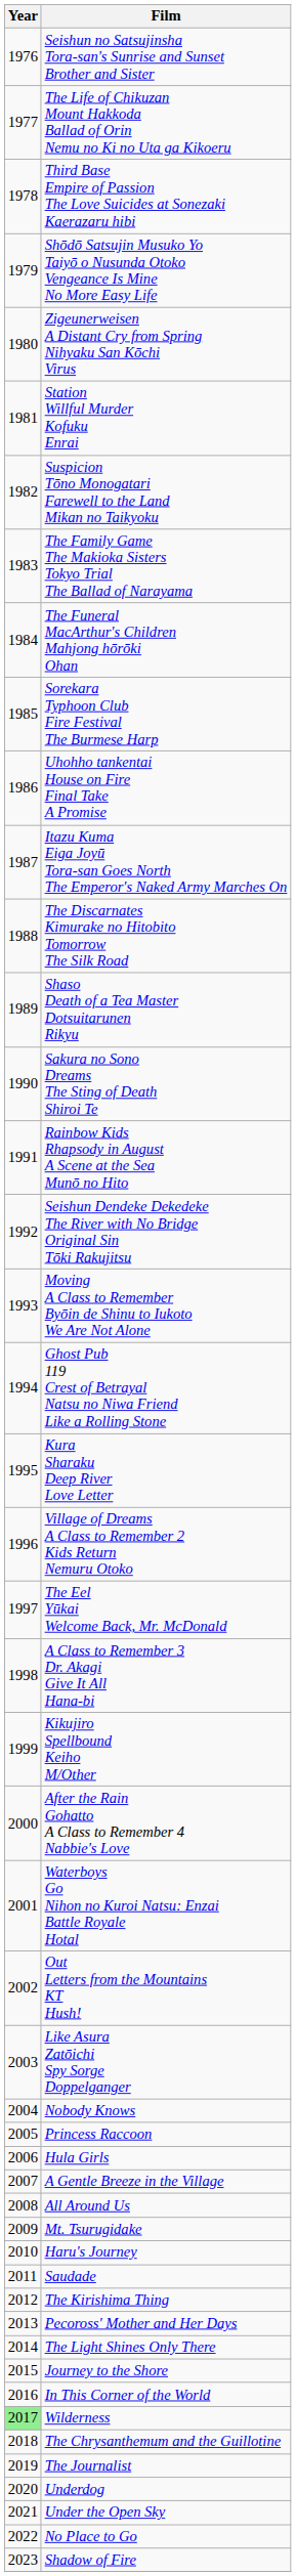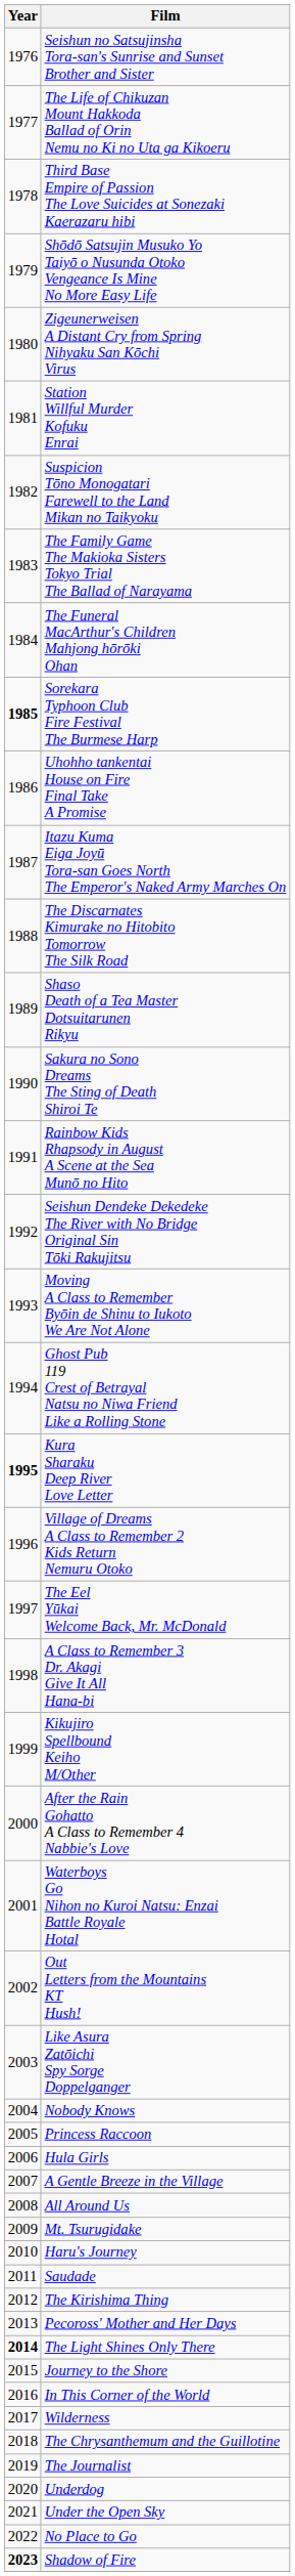 <table class="wikitable sortable">
 <tr>
 <th>Year</th>
 <th>Film</th>
 </tr>
 <tr>
 <td>1976</td>
 <td><em><a href='#'>Seishun no Satsujinsha</a></em><br><em><a href='#'>Tora-san's Sunrise and Sunset</a></em><br><em><a href='#'>Brother and Sister</a></em></td>
 </tr>
 <tr>
 <td>1977</td>
 <td><em><a href='#'>The Life of Chikuzan</a></em><br><em><a href='#'>Mount Hakkoda</a></em><br><em><a href='#'>Ballad of Orin</a></em><br><em><a href='#'>Nemu no Ki no Uta ga Kikoeru</a></em></td>
 </tr>
 <tr>
 <td>1978</td>
 <td><em><a href='#'>Third Base</a></em><br><em><a href='#'>Empire of Passion</a></em><br><em><a href='#'>The Love Suicides at Sonezaki</a></em><br><em><a href='#'>Kaerazaru hibi</a></em></td>
 </tr>
 <tr>
 <td>1979</td>
 <td><em><a href='#'>Shōdō Satsujin Musuko Yo</a></em><br><em><a href='#'>Taiyō o Nusunda Otoko</a></em><br><em><a href='#'>Vengeance Is Mine</a></em><br><em><a href='#'>No More Easy Life</a></em></td>
 </tr>
 <tr>
 <td>1980</td>
 <td><em><a href='#'>Zigeunerweisen</a></em><br><em><a href='#'>A Distant Cry from Spring</a></em><br><em><a href='#'>Nihyaku San Kōchi</a></em><br><em><a href='#'>Virus</a></em></td>
 </tr>
 <tr>
 <td>1981</td>
 <td><em><a href='#'>Station</a></em><br><em><a href='#'>Willful Murder</a></em><br><em><a href='#'>Kofuku</a></em><br><em><a href='#'>Enrai</a></em></td>
 </tr>
 <tr>
 <td>1982</td>
 <td><em><a href='#'>Suspicion</a></em><br><em><a href='#'>Tōno Monogatari</a></em><br><em><a href='#'>Farewell to the Land</a></em><br><em><a href='#'>Mikan no Taikyoku</a></em></td>
 </tr>
 <tr>
 <td>1983</td>
 <td><em><a href='#'>The Family Game</a></em><br><em><a href='#'>The Makioka Sisters</a></em><br><em><a href='#'>Tokyo Trial</a></em><br><em><a href='#'>The Ballad of Narayama</a></em></td>
 </tr>
 <tr>
 <td>1984</td>
 <td><em><a href='#'>The Funeral</a></em><br><em><a href='#'>MacArthur's Children</a></em><br><em><a href='#'>Mahjong hōrōki</a></em><br><em><a href='#'>Ohan</a></em></td>
 </tr>
 <tr>
-<td>1985</td>
+<td><strong>1985</strong></td>
 <td><em><a href='#'>Sorekara</a></em><br><em><a href='#'>Typhoon Club</a></em><br><em><a href='#'>Fire Festival</a></em><br><em><a href='#'>The Burmese Harp</a></em></td>
 </tr>
 <tr>
 <td>1986</td>
 <td><em><a href='#'>Uhohho tankentai</a></em><br><em><a href='#'>House on Fire</a></em><br><em><a href='#'>Final Take</a></em><br><em><a href='#'>A Promise</a></em></td>
 </tr>
 <tr>
 <td>1987</td>
 <td><em><a href='#'>Itazu Kuma</a></em><br><em><a href='#'>Eiga Joyū</a></em><br><em><a href='#'>Tora-san Goes North</a></em><br><em><a href='#'>The Emperor's Naked Army Marches On</a></em></td>
 </tr>
 <tr>
 <td>1988</td>
 <td><em><a href='#'>The Discarnates</a></em><br><em><a href='#'>Kimurake no Hitobito</a></em><br><em><a href='#'>Tomorrow</a></em><br><em><a href='#'>The Silk Road</a></em></td>
 </tr>
 <tr>
 <td>1989</td>
 <td><em><a href='#'>Shaso</a></em><br><em><a href='#'>Death of a Tea Master</a></em><br><em><a href='#'>Dotsuitarunen</a></em><br><em><a href='#'>Rikyu</a></em></td>
 </tr>
 <tr>
 <td>1990</td>
 <td><em><a href='#'>Sakura no Sono</a></em><br><em><a href='#'>Dreams</a></em><br><em><a href='#'>The Sting of Death</a></em><br><em><a href='#'>Shiroi Te</a></em></td>
 </tr>
 <tr>
 <td>1991</td>
 <td><em><a href='#'>Rainbow Kids</a></em><br><em><a href='#'>Rhapsody in August</a></em><br><em><a href='#'>A Scene at the Sea</a></em><br><em><a href='#'>Munō no Hito</a></em></td>
 </tr>
 <tr>
 <td>1992</td>
 <td><em><a href='#'>Seishun Dendeke Dekedeke</a></em><br><em><a href='#'>The River with No Bridge</a></em><br><em><a href='#'>Original Sin</a></em><br><em><a href='#'>Tōki Rakujitsu</a></em></td>
 </tr>
 <tr>
 <td>1993</td>
 <td><em><a href='#'>Moving</a></em><br><em><a href='#'>A Class to Remember</a></em><br><em><a href='#'>Byōin de Shinu to Iukoto</a></em><br><em><a href='#'>We Are Not Alone</a></em></td>
 </tr>
 <tr>
 <td>1994</td>
 <td><em><a href='#'>Ghost Pub</a></em><br><em>119</em><br><em><a href='#'>Crest of Betrayal</a></em><br><em><a href='#'>Natsu no Niwa Friend</a></em><br><em><a href='#'>Like a Rolling Stone</a></em></td>
 </tr>
 <tr>
-<td>1995</td>
+<td><strong>1995</strong></td>
 <td><em><a href='#'>Kura</a></em><br><em><a href='#'>Sharaku</a></em><br><em><a href='#'>Deep River</a></em><br><em><a href='#'>Love Letter</a></em></td>
 </tr>
 <tr>
 <td>1996</td>
 <td><em><a href='#'>Village of Dreams</a></em><br><em><a href='#'>A Class to Remember 2</a></em><br><em><a href='#'>Kids Return</a></em><br><em><a href='#'>Nemuru Otoko</a></em></td>
 </tr>
 <tr>
 <td>1997</td>
 <td><em><a href='#'>The Eel</a></em><br><em><a href='#'>Yūkai</a></em><br><em><a href='#'>Welcome Back, Mr. McDonald</a></em></td>
 </tr>
 <tr>
 <td>1998</td>
 <td><em><a href='#'>A Class to Remember 3</a></em><br><em><a href='#'>Dr. Akagi</a></em><br><em><a href='#'>Give It All</a></em><br><em><a href='#'>Hana-bi</a></em></td>
 </tr>
 <tr>
 <td>1999</td>
 <td><em><a href='#'>Kikujiro</a></em><br><em><a href='#'>Spellbound</a></em><br><em><a href='#'>Keiho</a></em><br><em><a href='#'>M/Other</a></em></td>
 </tr>
 <tr>
 <td>2000</td>
 <td><em><a href='#'>After the Rain</a></em><br><em><a href='#'>Gohatto</a></em><br><em>A Class to Remember 4</em><br><em><a href='#'>Nabbie's Love</a></em></td>
 </tr>
 <tr>
 <td>2001</td>
 <td><em><a href='#'>Waterboys</a></em><br><em><a href='#'>Go</a></em><br><em><a href='#'>Nihon no Kuroi Natsu: Enzai</a></em><br><em><a href='#'>Battle Royale</a></em><br><em><a href='#'>Hotal</a></em></td>
 </tr>
 <tr>
 <td>2002</td>
 <td><em><a href='#'>Out</a></em><br><em><a href='#'>Letters from the Mountains</a></em><br><em><a href='#'>KT</a></em><br><em><a href='#'>Hush!</a></em></td>
 </tr>
 <tr>
 <td>2003</td>
 <td><em><a href='#'>Like Asura</a></em><br><em><a href='#'>Zatōichi</a></em><br><em><a href='#'>Spy Sorge</a></em><br><em><a href='#'>Doppelganger</a></em></td>
 </tr>
 <tr>
 <td>2004</td>
 <td><em><a href='#'>Nobody Knows</a></em></td>
 </tr>
 <tr>
 <td>2005</td>
 <td><em><a href='#'>Princess Raccoon</a></em></td>
 </tr>
 <tr>
 <td>2006</td>
 <td><em><a href='#'>Hula Girls</a></em></td>
 </tr>
 <tr>
 <td>2007</td>
 <td><em><a href='#'>A Gentle Breeze in the Village</a></em></td>
 </tr>
 <tr>
 <td>2008</td>
 <td><em><a href='#'>All Around Us</a></em></td>
 </tr>
 <tr>
 <td>2009</td>
 <td><em><a href='#'>Mt. Tsurugidake</a></em></td>
 </tr>
 <tr>
 <td>2010</td>
 <td><em><a href='#'>Haru's Journey</a></em></td>
 </tr>
 <tr>
 <td>2011</td>
 <td><em><a href='#'>Saudade</a></em></td>
 </tr>
 <tr>
 <td>2012</td>
 <td><em><a href='#'>The Kirishima Thing</a></em></td>
 </tr>
 <tr>
 <td>2013</td>
 <td><em><a href='#'>Pecoross' Mother and Her Days</a></em></td>
 </tr>
 <tr>
-<td>2014</td>
+<td><strong>2014</strong></td>
 <td><em><a href='#'>The Light Shines Only There</a></em></td>
 </tr>
 <tr>
 <td>2015</td>
 <td><em><a href='#'>Journey to the Shore</a></em></td>
 </tr>
 <tr>
 <td>2016</td>
 <td><em><a href='#'>In This Corner of the World</a></em></td>
 </tr>
 <tr>
-<td style="background: lightgreen;">2017</td>
+<td>2017</td>
 <td><em><a href='#'>Wilderness</a></em></td>
 </tr>
 <tr>
 <td>2018</td>
 <td><em><a href='#'>The Chrysanthemum and the Guillotine</a></em></td>
 </tr>
 <tr>
 <td>2019</td>
 <td><em><a href='#'>The Journalist</a></em></td>
 </tr>
 <tr>
 <td>2020</td>
 <td><em><a href='#'>Underdog</a></em></td>
 </tr>
 <tr>
 <td>2021</td>
 <td><em><a href='#'>Under the Open Sky</a></em></td>
 </tr>
 <tr>
 <td>2022</td>
 <td><em><a href='#'>No Place to Go</a></em></td>
 </tr>
 <tr>
-<td>2023</td>
+<td><strong>2023</strong></td>
 <td><em><a href='#'>Shadow of Fire</a></em></td>
 </tr>
 <tr>
 </tr>
 </table>
